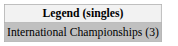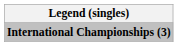 <table class="wikitable">
 <tr>
 <th>Legend (singles)</th>
 </tr>
 <tr bgcolor="silver">
-<td>International Championships (3)</td>
+<td><strong>International Championships (3)</strong></td>
 </tr>
 </table>
